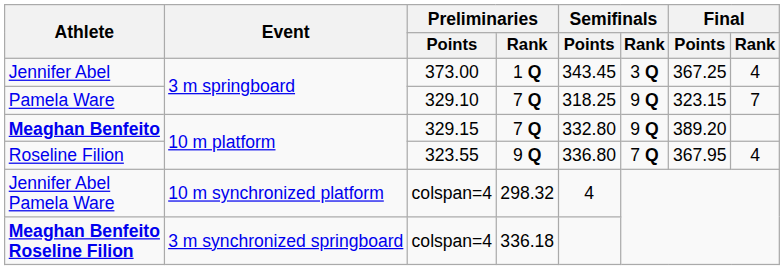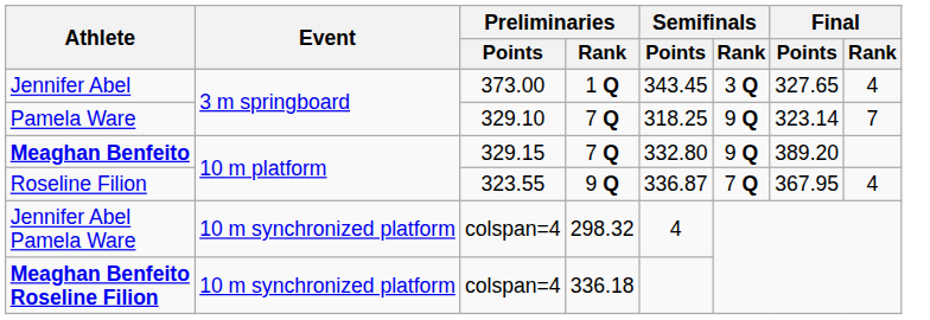 <table class=wikitable style="font-size:90%">
 <tr>
 <th rowspan="2">Athlete</th>
 <th rowspan="2">Event</th>
 <th colspan="2">Preliminaries</th>
 <th colspan="2">Semifinals</th>
 <th colspan="2">Final</th>
 </tr>
 <tr style="font-size:95%">
 <th>Points</th>
 <th>Rank</th>
 <th>Points</th>
 <th>Rank</th>
 <th>Points</th>
 <th>Rank</th>
 </tr>
 <tr align=center>
 <td align=left><a href='#'>Jennifer Abel</a></td>
 <td align=left rowspan=2><a href='#'>3 m springboard</a></td>
 <td>373.00</td>
 <td>1 <strong>Q</strong></td>
 <td>343.45</td>
 <td>3 <strong>Q</strong></td>
-<td>367.25</td>
+<td>327.65</td>
 <td>4</td>
 </tr>
 <tr align=center>
 <td align=left><a href='#'>Pamela Ware</a></td>
 <td>329.10</td>
 <td>7 <strong>Q</strong></td>
 <td>318.25</td>
 <td>9 <strong>Q</strong></td>
-<td>323.15</td>
+<td>323.14</td>
 <td>7</td>
 </tr>
 <tr align=center>
 <td align=left><strong><a href='#'>Meaghan Benfeito</a></strong></td>
 <td align=left rowspan=2><a href='#'>10 m platform</a></td>
 <td>329.15</td>
 <td>7 <strong>Q</strong></td>
 <td>332.80</td>
 <td>9 <strong>Q</strong></td>
 <td>389.20</td>
 <td></td>
 </tr>
 <tr align=center>
 <td align=left><a href='#'>Roseline Filion</a></td>
 <td>323.55</td>
 <td>9 <strong>Q</strong></td>
-<td>336.80</td>
+<td>336.87</td>
 <td>7 <strong>Q</strong></td>
 <td>367.95</td>
 <td>4</td>
 </tr>
 <tr align=center>
 <td align=left><a href='#'>Jennifer Abel</a><br><a href='#'>Pamela Ware</a></td>
 <td align=left><a href='#'>10 m synchronized platform</a></td>
 <td>colspan=4 </td>
 <td>298.32</td>
 <td>4</td>
 </tr>
 <tr align=center>
 <td align=left><strong><a href='#'>Meaghan Benfeito</a><br><a href='#'>Roseline Filion</a></strong></td>
-<td align=left><a href='#'>3 m synchronized springboard</a></td>
+<td align=left><a href='#'>10 m synchronized platform</a></td>
 <td>colspan=4 </td>
 <td>336.18</td>
 <td></td>
 </tr>
 </table>
